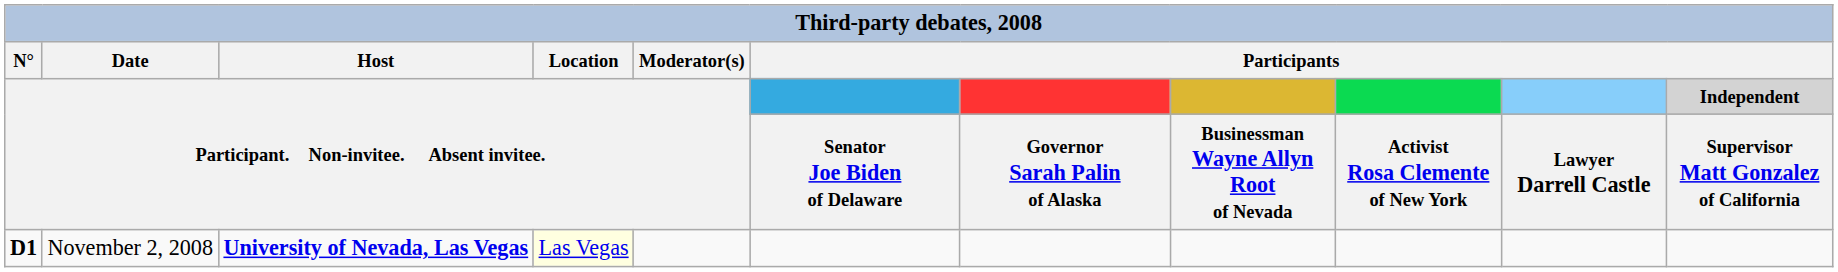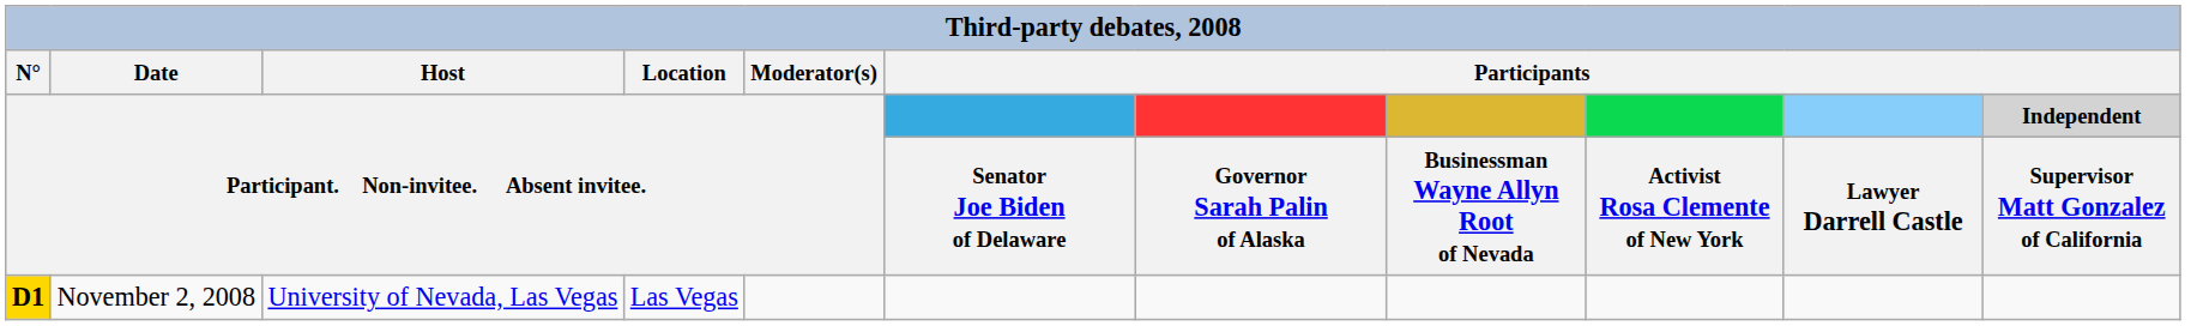 <table class="wikitable" style="font-size:90%">
 <tr>
 <th style="background:#B0C4DE" colspan="16">Third-party debates, 2008</th>
 </tr>
 <tr>
 <th><small>N°</small></th>
 <th><small>Date</small></th>
 <th><small>Host </small></th>
 <th><small>Location</small></th>
 <th><small>Moderator(s) </small></th>
 <th scope="col" colspan="10"><small>Participants</small></th>
 </tr>
 <tr>
 <th colspan="5" rowspan="2"> <small>Participant.  </small>   <small>Non-invitee.   </small>   <small>Absent invitee.   </small></th>
 <th scope="col" style="width:9em; background:#34AAE0;"><small><a href='#'></a></small></th>
 <th scope="col" style="width:9em; background:#FF3333;"><small><a href='#'></a></small></th>
 <th scope="col" style="width:7em; background:#DCB732;"><small><a href='#'></a></small></th>
 <th scope="col" style="width:7em; background:#0BDA51;"><small><a href='#'></a></small></th>
 <th scope="col" style="width:7em; background:#87CEFA;"><small><a href='#'></a></small></th>
 <th scope="col" style="width:7em; background:lightgrey"><small>Independent</small></th>
 </tr>
 <tr>
 <th><small>Senator</small><br><a href='#'>Joe Biden</a><br><small>of Delaware</small></th>
 <th><small>Governor</small><br><a href='#'>Sarah Palin</a><br><small>of Alaska</small></th>
 <th><small>Businessman</small><br><a href='#'>Wayne Allyn Root</a><br><small>of Nevada</small></th>
 <th><small>Activist</small><br><a href='#'>Rosa Clemente</a><br><small>of New York</small></th>
 <th><small>Lawyer</small><br>Darrell Castle</th>
 <th><small>Supervisor</small><br><a href='#'>Matt Gonzalez</a><br><small>of California</small></th>
 </tr>
 <tr>
-<td style="white-space:nowrap;"><strong>D1</strong></td>
+<td style="background: gold; white-space:nowrap;"><strong>D1</strong></td>
 <td style="white-space:nowrap;">November 2, 2008</td>
-<td style="white-space:nowrap; text-align:center;"><strong><a href='#'>University of Nevada, Las Vegas</a></strong></td>
-<td style="background: lightyellow; white-space:nowrap; text-align:center;"><a href='#'>Las Vegas</a></td>
+<td style="white-space:nowrap; text-align:center;"><a href='#'>University of Nevada, Las Vegas</a></td>
+<td style="white-space:nowrap; text-align:center;"><a href='#'>Las Vegas</a></td>
 <td style="white-space:nowrap; text-align:center;"></td>
 <td></td>
 <td></td>
 <td></td>
 <td></td>
 <td></td>
 <td></td>
 </tr>
 </table>
